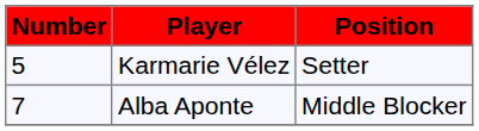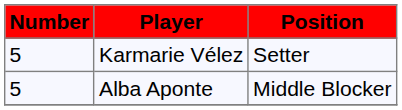 <table bgcolor="#f7f8ff" cellpadding="3" cellspacing="0" border="1" style="font-size: 95%; border: gray solid 1px; border-collapse: collapse;">
 <tr bgcolor="#ff0000">
 <td align=center><strong>Number</strong></td>
 <td align=center><strong>Player</strong></td>
 <td align=center><strong>Position</strong></td>
 </tr>
 <tr align="left">
 <td>5</td>
 <td> Karmarie Vélez</td>
 <td>Setter</td>
 </tr>
 <tr align="left">
-<td>7</td>
+<td>5</td>
 <td> Alba Aponte</td>
 <td>Middle Blocker</td>
 </tr>
 <tr align="left">
 </tr>
 </table>
